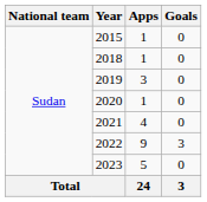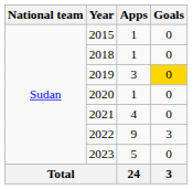 <table class="wikitable" style="text-align:center">
 <tr>
 <th>National team</th>
 <th>Year</th>
 <th>Apps</th>
 <th>Goals</th>
 </tr>
 <tr>
 <td rowspan="7"><a href='#'>Sudan</a></td>
 <td>2015</td>
 <td>1</td>
 <td>0</td>
 </tr>
 <tr>
 <td>2018</td>
 <td>1</td>
 <td>0</td>
 </tr>
 <tr>
 <td>2019</td>
 <td>3</td>
-<td>0</td>
+<td style="background: gold;">0</td>
 </tr>
 <tr>
 <td>2020</td>
 <td>1</td>
 <td>0</td>
 </tr>
 <tr>
 <td>2021</td>
 <td>4</td>
 <td>0</td>
 </tr>
 <tr>
 <td>2022</td>
 <td>9</td>
 <td>3</td>
 </tr>
 <tr>
 <td>2023</td>
 <td>5</td>
 <td>0</td>
 </tr>
 <tr>
 <th colspan="2">Total</th>
 <th>24</th>
 <th>3</th>
 </tr>
 </table>
